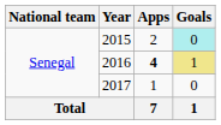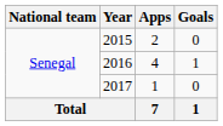 <table class="wikitable" style="text-align:center">
 <tr>
 <th>National team</th>
 <th>Year</th>
 <th>Apps</th>
 <th>Goals</th>
 </tr>
 <tr>
 <td rowspan="3"><a href='#'>Senegal</a></td>
 <td>2015</td>
 <td>2</td>
-<td style="background: paleturquoise;">0</td>
+<td>0</td>
 </tr>
 <tr>
 <td>2016</td>
-<td><strong>4</strong></td>
-<td style="background: khaki;">1</td>
+<td>4</td>
+<td>1</td>
 </tr>
 <tr>
 <td>2017</td>
 <td>1</td>
 <td>0</td>
 </tr>
 <tr>
 <th colspan="2">Total</th>
 <th>7</th>
 <th>1</th>
 </tr>
 </table>
